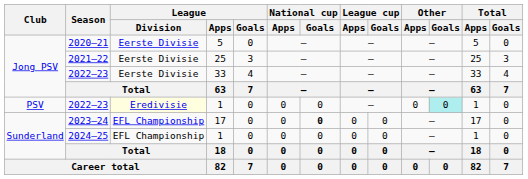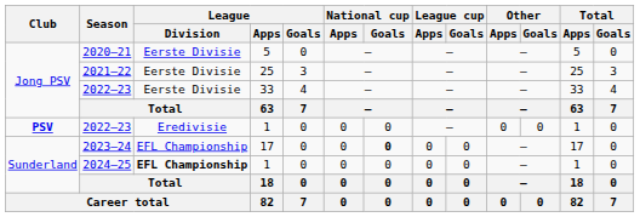 <table class="wikitable" style="text-align:center">
 <tr>
 <th rowspan="2">Club</th>
 <th rowspan="2">Season</th>
 <th colspan="3">League</th>
 <th colspan="2">National cup</th>
 <th colspan="2">League cup</th>
 <th colspan="2">Other</th>
 <th colspan="2">Total</th>
 </tr>
 <tr>
 <th>Division</th>
 <th>Apps</th>
 <th>Goals</th>
 <th>Apps</th>
 <th>Goals</th>
 <th>Apps</th>
 <th>Goals</th>
 <th>Apps</th>
 <th>Goals</th>
 <th>Apps</th>
 <th>Goals</th>
 </tr>
 <tr>
 <td rowspan="4"><a href='#'>Jong PSV</a></td>
 <td><a href='#'>2020–21</a></td>
 <td><a href='#'>Eerste Divisie</a></td>
 <td>5</td>
 <td>0</td>
 <td colspan="2">—</td>
 <td colspan="2">—</td>
 <td colspan="2">—</td>
 <td>5</td>
 <td>0</td>
 </tr>
 <tr>
 <td><a href='#'>2021–22</a></td>
 <td>Eerste Divisie</td>
 <td>25</td>
 <td>3</td>
 <td colspan="2">—</td>
 <td colspan="2">—</td>
 <td colspan="2">—</td>
 <td>25</td>
 <td>3</td>
 </tr>
 <tr>
 <td><a href='#'>2022–23</a></td>
 <td>Eerste Divisie</td>
 <td>33</td>
 <td>4</td>
 <td colspan="2">—</td>
 <td colspan="2">—</td>
 <td colspan="2">—</td>
 <td>33</td>
 <td>4</td>
 </tr>
 <tr>
 <th colspan="2">Total</th>
 <th>63</th>
 <th>7</th>
 <th colspan="2">—</th>
 <th colspan="2">—</th>
 <th colspan="2">—</th>
 <th>63</th>
 <th>7</th>
 </tr>
 <tr>
-<td><a href='#'>PSV</a></td>
+<td><strong><a href='#'>PSV</a></strong></td>
 <td><a href='#'>2022–23</a></td>
-<td style="background: lightyellow;"><a href='#'>Eredivisie</a></td>
+<td><a href='#'>Eredivisie</a></td>
 <td>1</td>
 <td>0</td>
 <td>0</td>
 <td>0</td>
 <td colspan="2">—</td>
 <td>0</td>
-<td style="background: paleturquoise;">0</td>
+<td>0</td>
 <td>1</td>
 <td>0</td>
 </tr>
 <tr>
 <td rowspan="3"><a href='#'>Sunderland</a></td>
 <td><a href='#'>2023–24</a></td>
 <td><a href='#'>EFL Championship</a></td>
 <td>17</td>
 <td>0</td>
 <td>0</td>
 <td><strong>0</strong></td>
 <td>0</td>
 <td>0</td>
 <td colspan="2">—</td>
 <td>17</td>
 <td>0</td>
 </tr>
 <tr>
 <td><a href='#'>2024–25</a></td>
-<td>EFL Championship</td>
+<td><strong>EFL Championship</strong></td>
 <td>1</td>
 <td>0</td>
 <td>0</td>
 <td>0</td>
 <td>0</td>
 <td>0</td>
 <td colspan="2">—</td>
 <td>1</td>
 <td>0</td>
 </tr>
 <tr>
 <th colspan="2">Total</th>
 <th>18</th>
 <th>0</th>
 <th>0</th>
 <th>0</th>
 <th>0</th>
 <th>0</th>
 <th colspan="2">—</th>
 <th>18</th>
 <th>0</th>
 </tr>
 <tr>
 <th colspan="3">Career total</th>
 <th>82</th>
 <th>7</th>
 <th>0</th>
 <th>0</th>
 <th>0</th>
 <th>0</th>
 <th>0</th>
 <th>0</th>
 <th>82</th>
 <th>7</th>
 </tr>
 </table>
